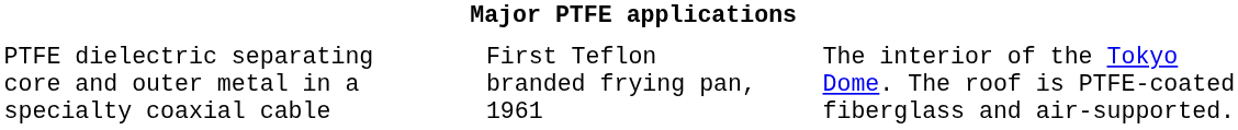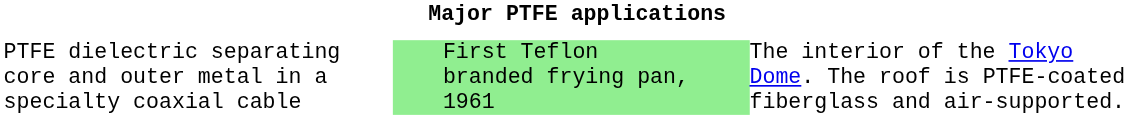 <table style="margin:1em auto 1em auto; text-align:left; width:691px;" cellpadding="0" cellspacing="0">
 <tr>
 <td colspan="3" style="text-align:center; padding-bottom:8px;"><strong>Major PTFE applications</strong></td>
 </tr>
 <tr>
 <td style="width:257px;"></td>
 <td style="width:169px; padding-left:30px; padding-right:30px;"></td>
 <td style="width:265px;"></td>
 </tr>
 <tr>
 <td>PTFE dielectric separating core and outer metal in a specialty coaxial cable</td>
-<td style="padding-left:30px; padding-right:30px;">First Teflon branded frying pan, 1961</td>
+<td style="background: lightgreen; padding-left:30px; padding-right:30px;">First Teflon branded frying pan, 1961</td>
 <td>The interior of the <a href='#'>Tokyo Dome</a>. The roof is PTFE-coated fiberglass and air-supported.</td>
 </tr>
 </table>
